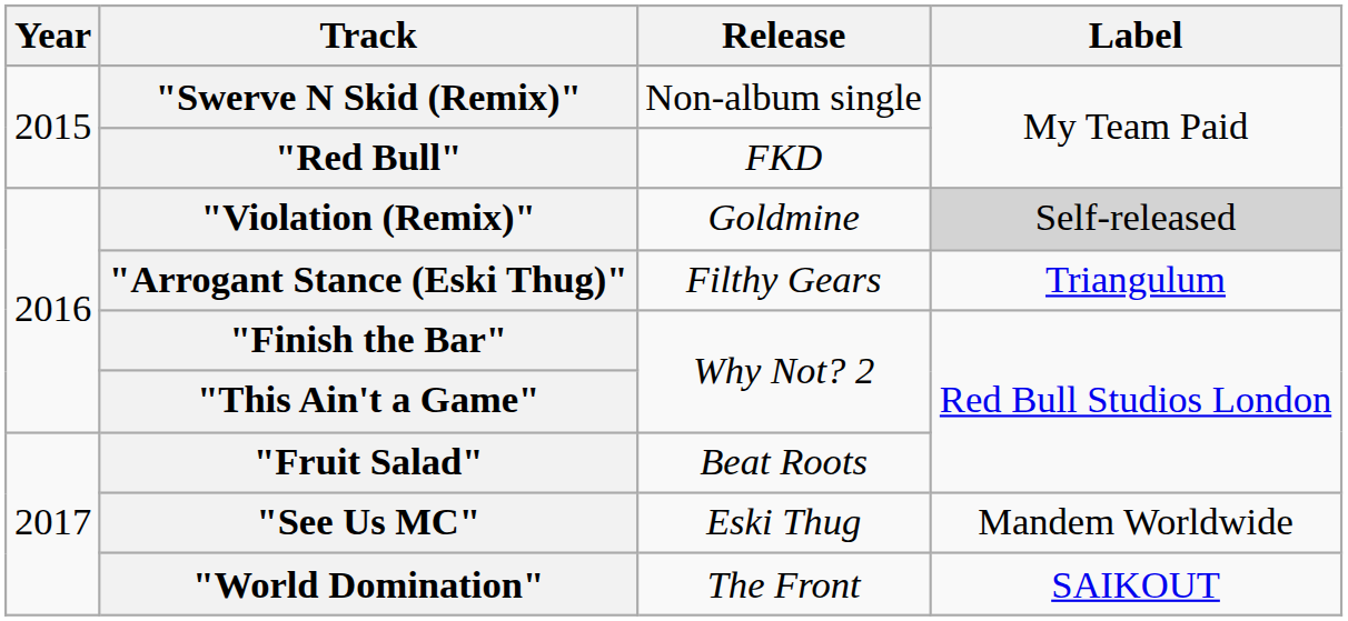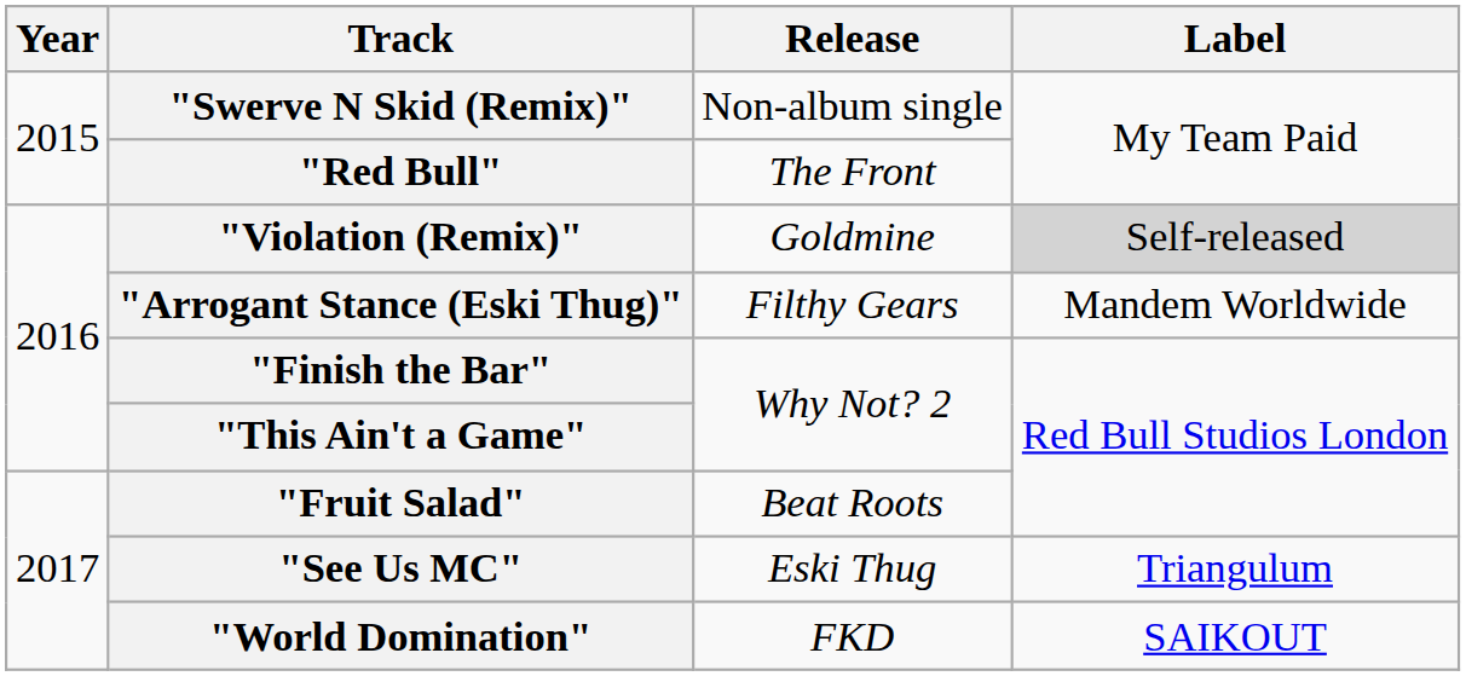 <table class="wikitable plainrowheaders" style="text-align:center;">
 <tr>
 <th scope="col">Year</th>
 <th scope="col">Track</th>
 <th scope="col">Release</th>
 <th scope="col">Label</th>
 </tr>
 <tr>
 <td rowspan="2">2015</td>
 <th scope="row">"Swerve N Skid (Remix)"<br></th>
 <td>Non-album single</td>
 <td rowspan="2">My Team Paid</td>
 </tr>
 <tr>
 <th scope="row">"Red Bull"<br></th>
-<td><em>FKD</em></td>
+<td><em>The Front</em></td>
 </tr>
 <tr>
 <td rowspan="4">2016</td>
 <th scope="row">"Violation (Remix)"<br></th>
 <td><em>Goldmine</em></td>
 <td style="background: lightgrey;">Self-released</td>
 </tr>
 <tr>
 <th scope="row">"Arrogant Stance (Eski Thug)"<br></th>
 <td><em>Filthy Gears</em></td>
-<td><a href='#'>Triangulum</a></td>
+<td>Mandem Worldwide</td>
 </tr>
 <tr>
 <th scope="row">"Finish the Bar"<br></th>
 <td rowspan="2"><em>Why Not? 2</em></td>
 <td rowspan="3"><a href='#'>Red Bull Studios London</a></td>
 </tr>
 <tr>
 <th scope="row">"This Ain't a Game"</th>
 </tr>
 <tr>
 <td rowspan="3">2017</td>
 <th scope="row">"Fruit Salad"<br></th>
 <td><em>Beat Roots</em></td>
 </tr>
 <tr>
 <th scope="row">"See Us MC"<br></th>
 <td><em>Eski Thug</em></td>
-<td>Mandem Worldwide</td>
+<td><a href='#'>Triangulum</a></td>
 </tr>
 <tr>
 <th scope="row">"World Domination"<br></th>
-<td><em>The Front</em></td>
+<td><em>FKD</em></td>
 <td><a href='#'>SAIKOUT</a></td>
 </tr>
 </table>
